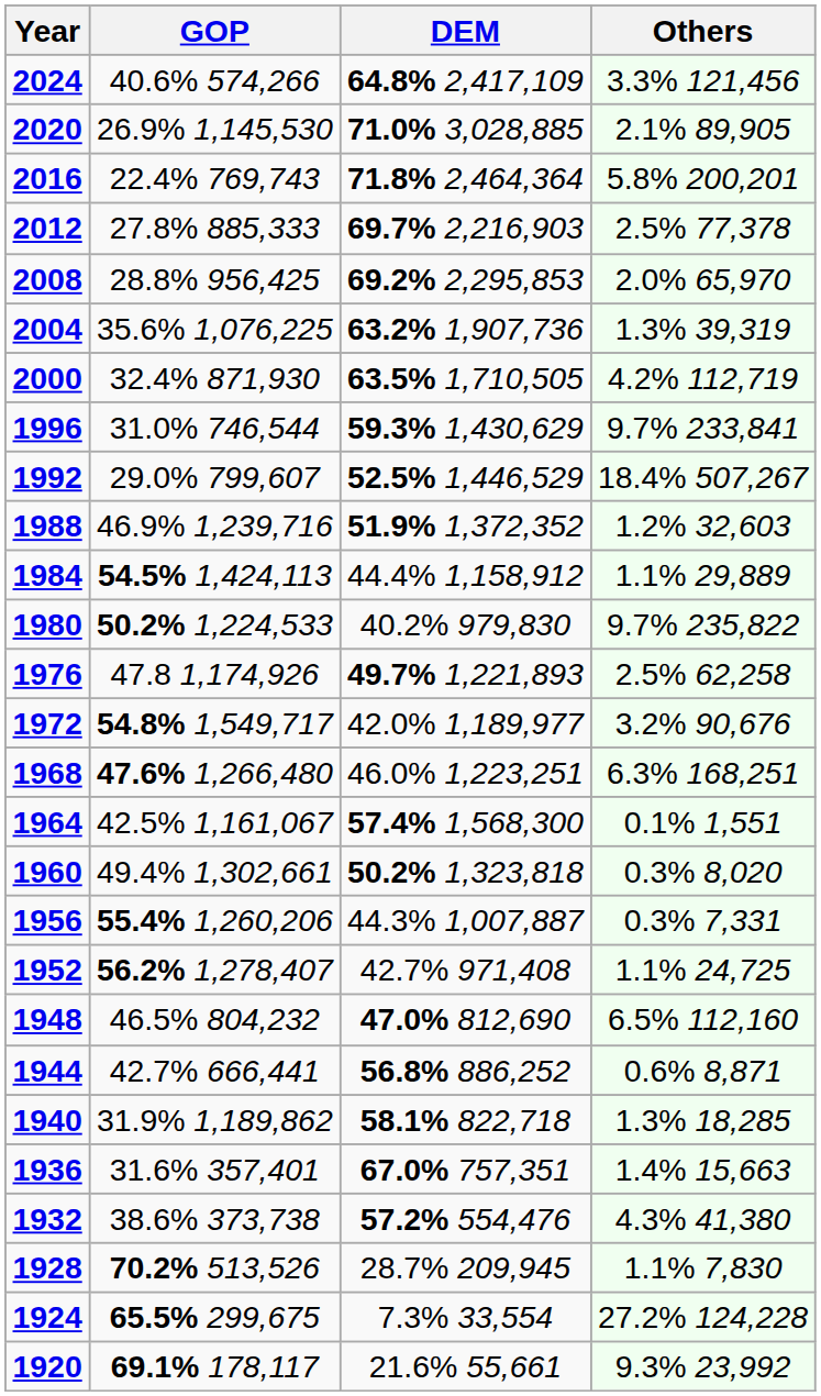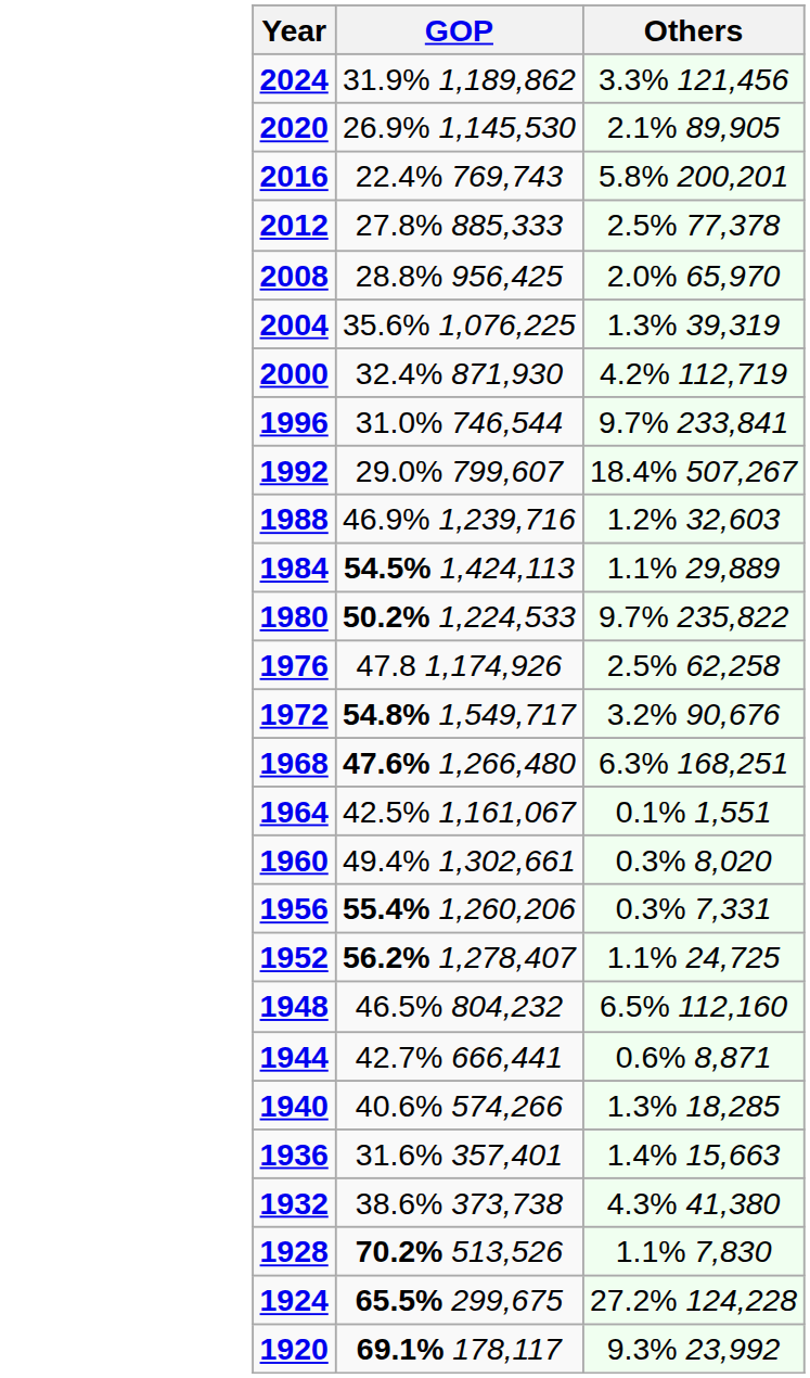 <table class="wikitable" class="toccolours" style="float:right; margin:1em 0 1em 1em; font-size:95%;">
 <tr>
 <th>Year</th>
 <th><a href='#'>GOP</a></th>
-<th><a href='#'>DEM</a></th>
 <th>Others</th>
 </tr>
 <tr>
 <td style="text-align:center;" ><strong><a href='#'>2024</a></strong></td>
-<td style="text-align:center; ">40.6% <em>574,266</em></td>
-<td style="text-align:center;" ><strong>64.8%</strong> <em>2,417,109</em></td>
+<td style="text-align:center;" >31.9% <em>1,189,862</em></td>
 <td style="text-align:center; background:honeyDew;">3.3% <em>121,456</em></td>
 </tr>
 <tr>
 <td style="text-align:center;" ><strong><a href='#'>2020</a></strong></td>
 <td style="text-align:center;" >26.9% <em>1,145,530</em></td>
-<td style="text-align:center;" ><strong>71.0%</strong> <em>3,028,885</em></td>
 <td style="text-align:center; background:honeyDew;">2.1% <em>89,905</em></td>
 </tr>
 <tr>
 <td style="text-align:center;" ><strong><a href='#'>2016</a></strong></td>
 <td style="text-align:center;" >22.4% <em>769,743</em></td>
-<td style="text-align:center;" ><strong>71.8%</strong> <em>2,464,364</em></td>
 <td style="text-align:center; background:honeyDew;">5.8% <em>200,201</em></td>
 </tr>
 <tr>
 <td style="text-align:center; "><strong><a href='#'>2012</a></strong></td>
 <td style="text-align:center; ">27.8% <em>885,333</em></td>
-<td style="text-align:center; "><strong>69.7%</strong> <em>2,216,903</em></td>
 <td style="text-align:center; background:honeyDew;">2.5% <em>77,378</em></td>
 </tr>
 <tr>
 <td style="text-align:center; "><strong><a href='#'>2008</a></strong></td>
 <td style="text-align:center; ">28.8% <em>956,425</em></td>
-<td style="text-align:center; "><strong>69.2%</strong> <em>2,295,853</em></td>
 <td style="text-align:center; background:honeyDew;">2.0% <em>65,970</em></td>
 </tr>
 <tr>
 <td style="text-align:center; "><strong><a href='#'>2004</a></strong></td>
 <td style="text-align:center; ">35.6% <em>1,076,225</em></td>
-<td style="text-align:center; "><strong>63.2%</strong> <em> 1,907,736</em></td>
 <td style="text-align:center; background:honeyDew;">1.3% <em>39,319</em></td>
 </tr>
 <tr>
 <td style="text-align:center; "><strong><a href='#'>2000</a></strong></td>
 <td style="text-align:center; ">32.4% <em>871,930</em></td>
-<td style="text-align:center; "><strong>63.5%</strong> <em>1,710,505</em></td>
 <td style="text-align:center; background:honeyDew;">4.2% <em>112,719</em></td>
 </tr>
 <tr>
 <td style="text-align:center; "><strong><a href='#'>1996</a></strong></td>
 <td style="text-align:center; ">31.0% <em>746,544</em></td>
-<td style="text-align:center; "><strong>59.3%</strong> <em>1,430,629</em></td>
 <td style="text-align:center; background:honeyDew;">9.7% <em>233,841</em></td>
 </tr>
 <tr>
 <td style="text-align:center; "><strong><a href='#'>1992</a></strong></td>
 <td style="text-align:center; ">29.0% <em>799,607</em></td>
-<td style="text-align:center; "><strong>52.5%</strong> <em>1,446,529</em></td>
 <td style="text-align:center; background:honeyDew;">18.4% <em>507,267</em></td>
 </tr>
 <tr>
 <td style="text-align:center; "><strong><a href='#'>1988</a></strong></td>
 <td style="text-align:center; ">46.9% <em>1,239,716</em></td>
-<td style="text-align:center; "><strong>51.9%</strong> <em>1,372,352</em></td>
 <td style="text-align:center; background:honeyDew;">1.2% <em>32,603</em></td>
 </tr>
 <tr>
 <td style="text-align:center; "><strong><a href='#'>1984</a></strong></td>
 <td style="text-align:center; "><strong>54.5%</strong> <em>1,424,113</em></td>
-<td style="text-align:center; ">44.4% <em>1,158,912</em></td>
 <td style="text-align:center; background:honeyDew;">1.1% <em>29,889</em></td>
 </tr>
 <tr>
 <td style="text-align:center; "><strong><a href='#'>1980</a></strong></td>
 <td style="text-align:center; "><strong>50.2%</strong> <em>1,224,533</em></td>
-<td style="text-align:center; ">40.2% <em>979,830</em></td>
 <td style="text-align:center; background:honeyDew;">9.7% <em>235,822</em></td>
 </tr>
 <tr>
 <td style="text-align:center; "><strong><a href='#'>1976</a></strong></td>
 <td style="text-align:center; ">47.8 <em>1,174,926</em></td>
-<td style="text-align:center; "><strong>49.7%</strong> <em>1,221,893</em></td>
 <td style="text-align:center; background:honeyDew;">2.5% <em>62,258</em></td>
 </tr>
 <tr>
 <td style="text-align:center; "><strong><a href='#'>1972</a></strong></td>
 <td style="text-align:center; "><strong>54.8%</strong> <em>1,549,717</em></td>
-<td style="text-align:center; ">42.0% <em>1,189,977</em></td>
 <td style="text-align:center; background:honeyDew;">3.2% <em>90,676</em></td>
 </tr>
 <tr>
 <td style="text-align:center; "><strong><a href='#'>1968</a></strong></td>
 <td style="text-align:center; "><strong>47.6%</strong> <em>1,266,480</em></td>
-<td style="text-align:center; ">46.0% <em>1,223,251</em></td>
 <td style="text-align:center; background:honeyDew;">6.3% <em>168,251</em></td>
 </tr>
 <tr>
 <td style="text-align:center; "><strong><a href='#'>1964</a></strong></td>
 <td style="text-align:center; ">42.5% <em>1,161,067</em></td>
-<td style="text-align:center; "><strong>57.4%</strong> <em>1,568,300</em></td>
 <td style="text-align:center; background:honeyDew;">0.1% <em>1,551</em></td>
 </tr>
 <tr>
 <td style="text-align:center; "><strong><a href='#'>1960</a></strong></td>
 <td style="text-align:center; ">49.4% <em>1,302,661</em></td>
-<td style="text-align:center; "><strong>50.2%</strong> <em>1,323,818</em></td>
 <td style="text-align:center; background:honeyDew;">0.3% <em>8,020</em></td>
 </tr>
 <tr>
 <td style="text-align:center; "><strong><a href='#'>1956</a></strong></td>
 <td style="text-align:center; "><strong>55.4%</strong> <em>1,260,206</em></td>
-<td style="text-align:center; ">44.3% <em>1,007,887</em></td>
 <td style="text-align:center; background:honeyDew;">0.3% <em>7,331</em></td>
 </tr>
 <tr>
 <td style="text-align:center; "><strong><a href='#'>1952</a></strong></td>
 <td style="text-align:center; "><strong>56.2%</strong> <em>1,278,407</em></td>
-<td style="text-align:center; ">42.7% <em>971,408</em></td>
 <td style="text-align:center; background:honeyDew;">1.1% <em>24,725</em></td>
 </tr>
 <tr>
 <td style="text-align:center; "><strong><a href='#'>1948</a></strong></td>
 <td style="text-align:center; ">46.5% <em>804,232</em></td>
-<td style="text-align:center; "><strong>47.0%</strong> <em>812,690</em></td>
 <td style="text-align:center; background:honeyDew;">6.5% <em>112,160</em></td>
 </tr>
 <tr>
 <td style="text-align:center; "><strong><a href='#'>1944</a></strong></td>
 <td style="text-align:center; ">42.7% <em>666,441</em></td>
-<td style="text-align:center; "><strong>56.8%</strong> <em>886,252</em></td>
 <td style="text-align:center; background:honeyDew;">0.6% <em>8,871</em></td>
 </tr>
 <tr>
 <td style="text-align:center; "><strong><a href='#'>1940</a></strong></td>
-<td style="text-align:center;" >31.9% <em>1,189,862</em></td>
-<td style="text-align:center; "><strong>58.1%</strong> <em>822,718</em></td>
+<td style="text-align:center; ">40.6% <em>574,266</em></td>
 <td style="text-align:center; background:honeyDew;">1.3% <em>18,285</em></td>
 </tr>
 <tr>
 <td style="text-align:center; "><strong><a href='#'>1936</a></strong></td>
 <td style="text-align:center; ">31.6% <em>357,401</em></td>
-<td style="text-align:center; "><strong>67.0%</strong> <em>757,351</em></td>
 <td style="text-align:center; background:honeyDew;">1.4% <em>15,663</em></td>
 </tr>
 <tr>
 <td style="text-align:center; "><strong><a href='#'>1932</a></strong></td>
 <td style="text-align:center; ">38.6% <em>373,738</em></td>
-<td style="text-align:center; "><strong>57.2%</strong> <em>554,476</em></td>
 <td style="text-align:center; background:honeyDew;">4.3% <em>41,380</em></td>
 </tr>
 <tr>
 <td style="text-align:center; "><strong><a href='#'>1928</a></strong></td>
 <td style="text-align:center; "><strong>70.2%</strong> <em>513,526</em></td>
-<td style="text-align:center; ">28.7% <em>209,945</em></td>
 <td style="text-align:center; background:honeyDew;">1.1% <em>7,830</em></td>
 </tr>
 <tr>
 <td style="text-align:center; "><strong><a href='#'>1924</a></strong></td>
 <td style="text-align:center; "><strong>65.5%</strong> <em>299,675</em></td>
-<td style="text-align:center; ">7.3% <em>33,554</em></td>
 <td style="text-align:center; background:honeyDew;">27.2% <em>124,228</em></td>
 </tr>
 <tr>
 <td style="text-align:center; "><strong><a href='#'>1920</a></strong></td>
 <td style="text-align:center; "><strong>69.1%</strong> <em>178,117</em></td>
-<td style="text-align:center; ">21.6% <em>55,661</em></td>
 <td style="text-align:center; background:honeyDew;">9.3% <em>23,992</em></td>
 </tr>
 </table>
